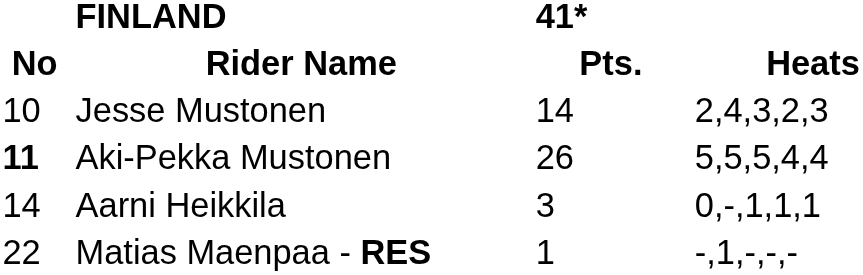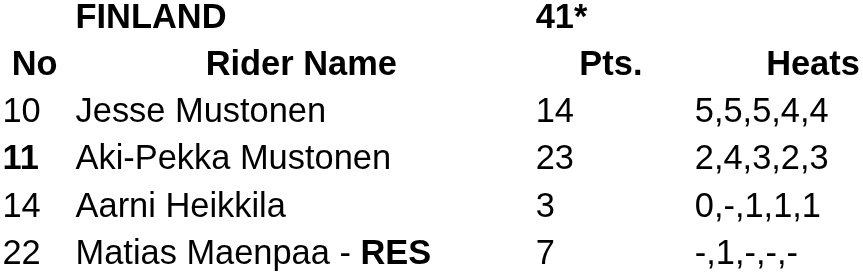 <table class="toccolours">
 <tr>
 <td></td>
 <td><strong>FINLAND</strong></td>
 <td><strong>41*</strong></td>
 </tr>
 <tr style="background-color:">
 <th width=30px>No</th>
 <th width=210px>Rider Name</th>
 <th width=70px>Pts.</th>
 <th width=110px>Heats</th>
 </tr>
 <tr style="background-color:">
 <td>10</td>
 <td>Jesse Mustonen</td>
 <td>14</td>
-<td>2,4,3,2,3</td>
+<td>5,5,5,4,4</td>
 </tr>
 <tr style="background-color:">
 <td><strong>11</strong></td>
 <td>Aki-Pekka Mustonen</td>
-<td>26</td>
-<td>5,5,5,4,4</td>
+<td>23</td>
+<td>2,4,3,2,3</td>
 </tr>
 <tr style="background-color:">
 <td>14</td>
 <td>Aarni Heikkila</td>
 <td>3</td>
 <td>0,-,1,1,1</td>
 </tr>
 <tr style="background-color:">
 <td>22</td>
 <td>Matias Maenpaa - <strong>RES</strong></td>
-<td>1</td>
+<td>7</td>
 <td>-,1,-,-,-</td>
 </tr>
 </table>
